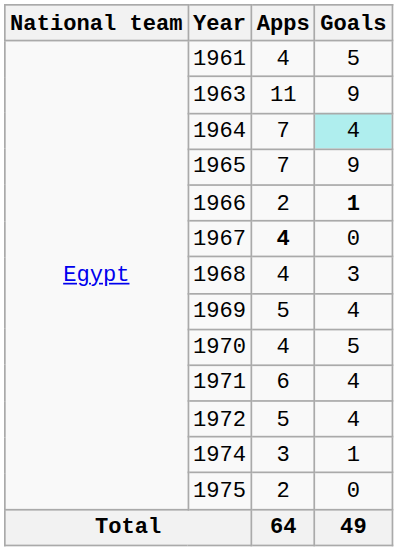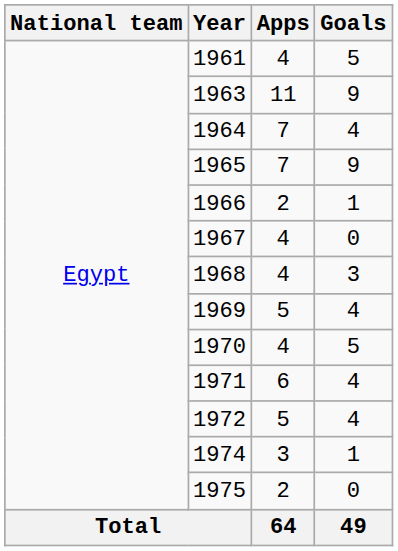 <table class="wikitable" style="text-align:center">
 <tr>
 <th>National team</th>
 <th>Year</th>
 <th>Apps</th>
 <th>Goals</th>
 </tr>
 <tr>
 <td rowspan="13"><a href='#'>Egypt</a></td>
 <td>1961</td>
 <td>4</td>
 <td>5</td>
 </tr>
 <tr>
 <td>1963</td>
 <td>11</td>
 <td>9</td>
 </tr>
 <tr>
 <td>1964</td>
 <td>7</td>
-<td style="background: paleturquoise;">4</td>
+<td>4</td>
 </tr>
 <tr>
 <td>1965</td>
 <td>7</td>
 <td>9</td>
 </tr>
 <tr>
 <td>1966</td>
 <td>2</td>
-<td><strong>1</strong></td>
+<td>1</td>
 </tr>
 <tr>
 <td>1967</td>
-<td><strong>4</strong></td>
+<td>4</td>
 <td>0</td>
 </tr>
 <tr>
 <td>1968</td>
 <td>4</td>
 <td>3</td>
 </tr>
 <tr>
 <td>1969</td>
 <td>5</td>
 <td>4</td>
 </tr>
 <tr>
 <td>1970</td>
 <td>4</td>
 <td>5</td>
 </tr>
 <tr>
 <td>1971</td>
 <td>6</td>
 <td>4</td>
 </tr>
 <tr>
 <td>1972</td>
 <td>5</td>
 <td>4</td>
 </tr>
 <tr>
 <td>1974</td>
 <td>3</td>
 <td>1</td>
 </tr>
 <tr>
 <td>1975</td>
 <td>2</td>
 <td>0</td>
 </tr>
 <tr>
 <th colspan="2">Total</th>
 <th>64</th>
 <th>49</th>
 </tr>
 </table>
